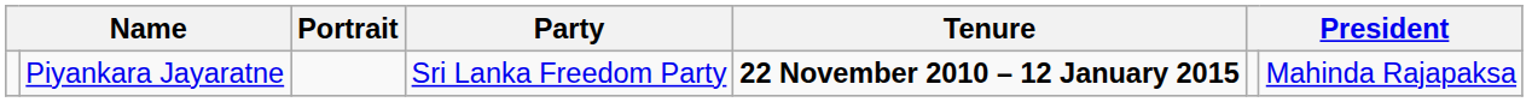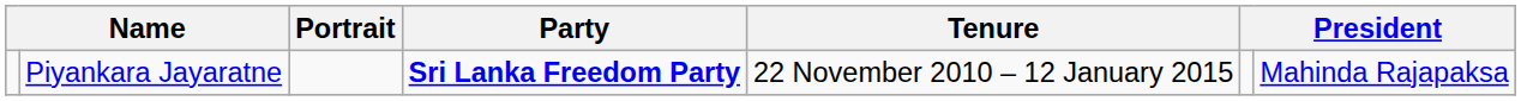 <table class="wikitable" style="font-size:90%; text-align:center;">
 <tr>
 <th ! colspan="2">Name</th>
 <th>Portrait</th>
 <th>Party</th>
 <th>Tenure</th>
 <th colspan="2"><a href='#'>President</a></th>
 </tr>
 <tr>
 <td !align="center" style="background:"></td>
 <td><a href='#'>Piyankara Jayaratne</a></td>
 <td></td>
-<td><a href='#'>Sri Lanka Freedom Party</a></td>
-<td><strong>22 November 2010 – 12 January 2015</strong></td>
+<td><strong><a href='#'>Sri Lanka Freedom Party</a></strong></td>
+<td>22 November 2010 – 12 January 2015</td>
 <td !align="center" style="background:"></td>
 <td><a href='#'>Mahinda Rajapaksa</a></td>
 </tr>
 </table>
